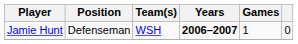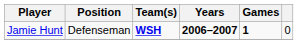 <table class="wikitable sortable">
 <tr>
 <th>Player</th>
 <th>Position</th>
 <th>Team(s)</th>
 <th>Years</th>
 <th>Games</th>
 <th><a href='#'></a></th>
 </tr>
 <tr>
 <td><a href='#'>Jamie Hunt</a></td>
 <td>Defenseman</td>
-<td><a href='#'>WSH</a></td>
+<td><strong><a href='#'>WSH</a></strong></td>
 <td><strong>2006–2007</strong></td>
-<td>1</td>
+<td><strong>1</strong></td>
 <td>0</td>
 </tr>
 <tr>
 </tr>
 </table>
